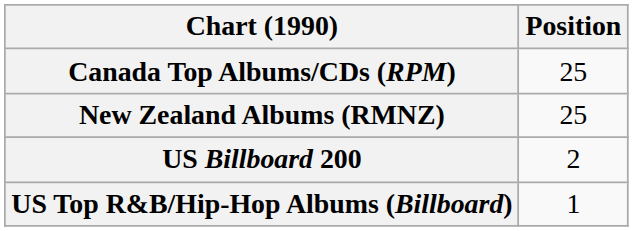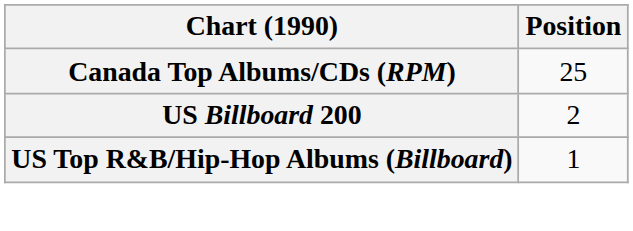 <table class="wikitable sortable plainrowheaders">
 <tr>
 <th>Chart (1990)</th>
 <th>Position</th>
 </tr>
 <tr>
 <th scope="row">Canada Top Albums/CDs (<em>RPM</em>)</th>
 <td style="text-align:center">25</td>
 </tr>
 <tr>
-<th scope="row">New Zealand Albums (RMNZ)</th>
-<td style="text-align:center;">25</td>
-</tr>
-<tr>
 <th scope="row">US <em>Billboard</em> 200</th>
 <td style="text-align:center;">2</td>
 </tr>
 <tr>
 <th scope="row">US Top R&B/Hip-Hop Albums (<em>Billboard</em>)</th>
 <td style="text-align:center;">1</td>
 </tr>
 </table>
